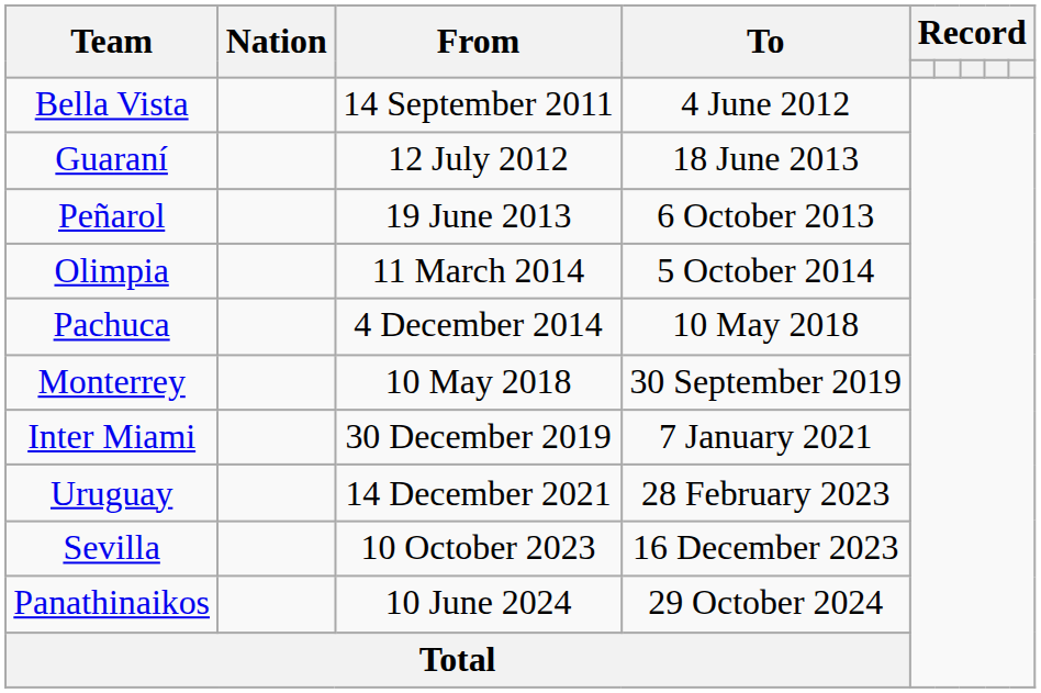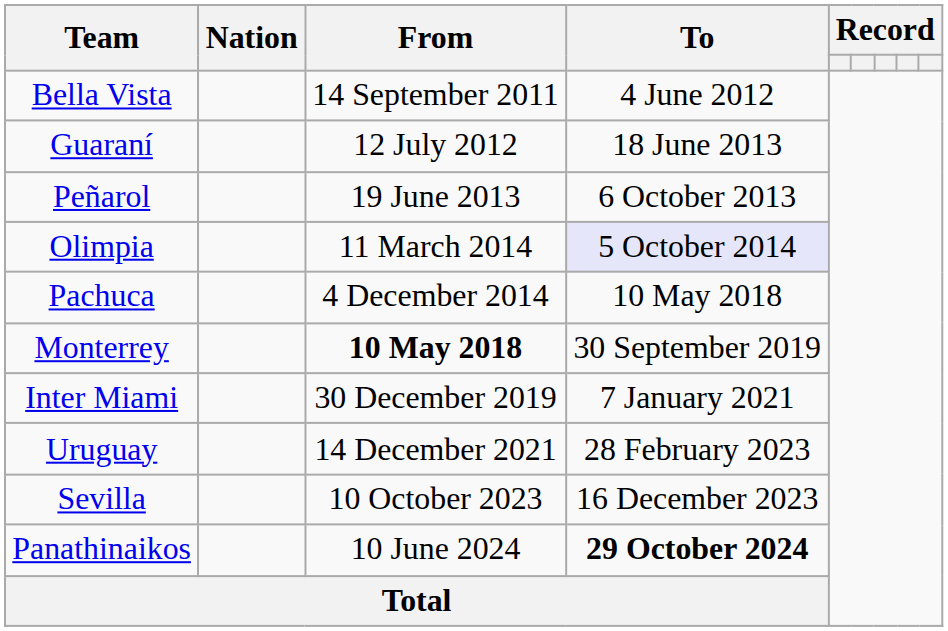 <table class="wikitable" style="text-align: center;">
 <tr>
 <th rowspan="2">Team</th>
 <th rowspan="2">Nation</th>
 <th rowspan="2">From</th>
 <th rowspan="2">To</th>
 <th colspan="5">Record</th>
 </tr>
 <tr>
 <th></th>
 <th></th>
 <th></th>
 <th></th>
 <th></th>
 </tr>
 <tr>
 <td align=center><a href='#'>Bella Vista</a></td>
 <td></td>
 <td align=center>14 September 2011</td>
 <td align=center>4 June 2012<br></td>
 </tr>
 <tr>
 <td align=center><a href='#'>Guaraní</a></td>
 <td></td>
 <td align=center>12 July 2012</td>
 <td align=center>18 June 2013<br></td>
 </tr>
 <tr>
 <td align=center><a href='#'>Peñarol</a></td>
 <td></td>
 <td align=center>19 June 2013</td>
 <td align=center>6 October 2013<br></td>
 </tr>
 <tr>
 <td align=center><a href='#'>Olimpia</a></td>
 <td></td>
 <td align=center>11 March 2014</td>
-<td align=center>5 October 2014<br></td>
+<td align=center style="background: lavender;">5 October 2014<br></td>
 </tr>
 <tr>
 <td align=center><a href='#'>Pachuca</a></td>
 <td></td>
 <td align=center>4 December 2014</td>
 <td align=center>10 May 2018<br></td>
 </tr>
 <tr>
 <td align=center><a href='#'>Monterrey</a></td>
 <td></td>
-<td align=center>10 May 2018</td>
+<td align=center><strong>10 May 2018</strong></td>
 <td align=center>30 September 2019<br></td>
 </tr>
 <tr>
 <td align=center><a href='#'>Inter Miami</a></td>
 <td></td>
 <td align=center>30 December 2019</td>
 <td align=center>7 January 2021<br></td>
 </tr>
 <tr>
 <td align=center><a href='#'>Uruguay</a></td>
 <td></td>
 <td align=center>14 December 2021</td>
 <td align=center>28 February 2023<br></td>
 </tr>
 <tr>
 <td align=center><a href='#'>Sevilla</a></td>
 <td></td>
 <td align=center>10 October 2023</td>
 <td align=center>16 December 2023<br></td>
 </tr>
 <tr>
 <td align=center><a href='#'>Panathinaikos</a></td>
 <td></td>
 <td align=center>10 June 2024</td>
-<td align=center>29 October 2024<br></td>
+<td align=center><strong>29 October 2024<br></strong></td>
 </tr>
 <tr>
 <th colspan="4">Total<br></th>
 </tr>
 </table>
